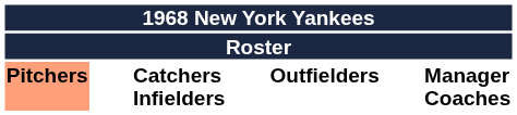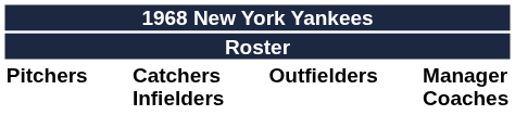 <table class="toccolours" style="font-size: 95%;">
 <tr>
 <th colspan="10" style="background-color: #1c2841; color: white; text-align: center;">1968 New York Yankees</th>
 </tr>
 <tr>
 <td colspan="10" style="background-color:#1c2841; color: white; text-align: center;"><strong>Roster</strong></td>
 </tr>
 <tr>
-<td valign="top" style="background: lightsalmon;"><strong>Pitchers</strong><br>              </td>
+<td valign="top"><strong>Pitchers</strong><br>              </td>
 <td width="25px"></td>
 <td valign="top"><strong>Catchers</strong><br>   <strong>Infielders</strong>          </td>
 <td width="25px"></td>
 <td valign="top"><strong>Outfielders</strong><br>     </td>
 <td width="25px"></td>
 <td valign="top"><strong>Manager</strong><br> <strong>Coaches</strong>     </td>
 </tr>
 </table>
